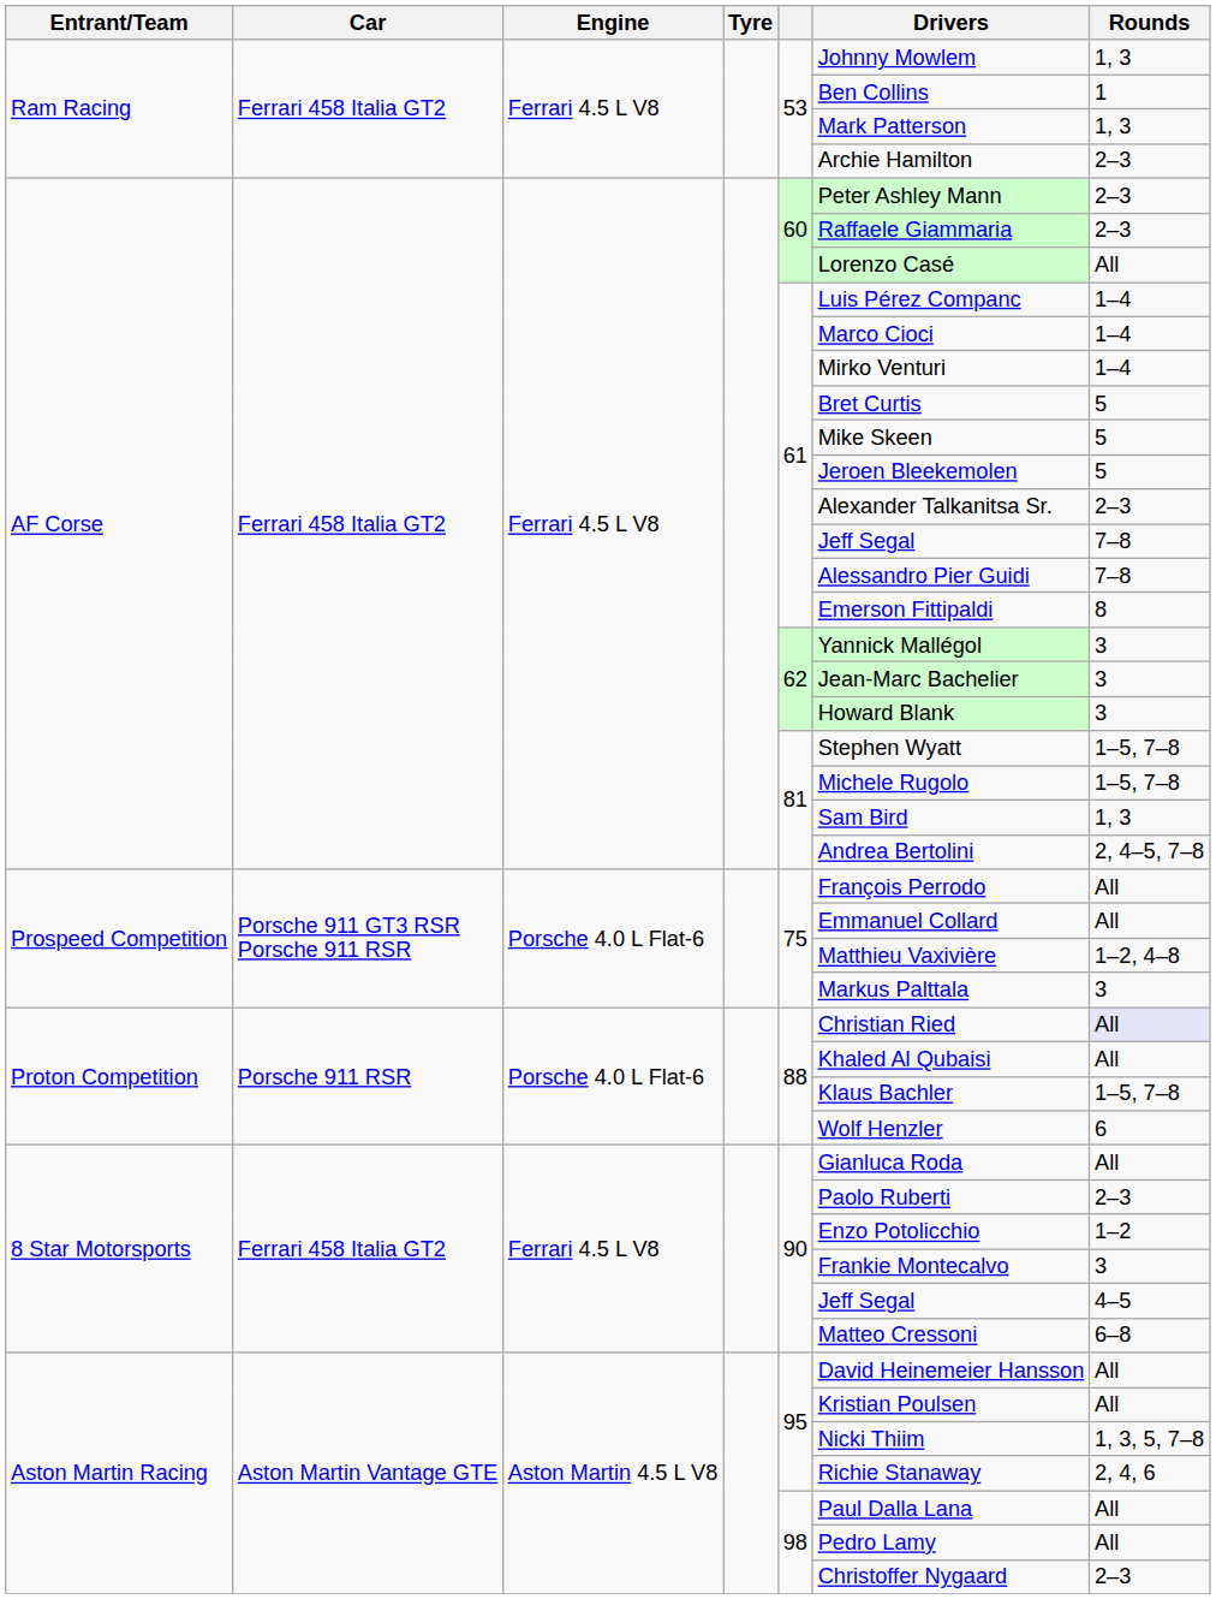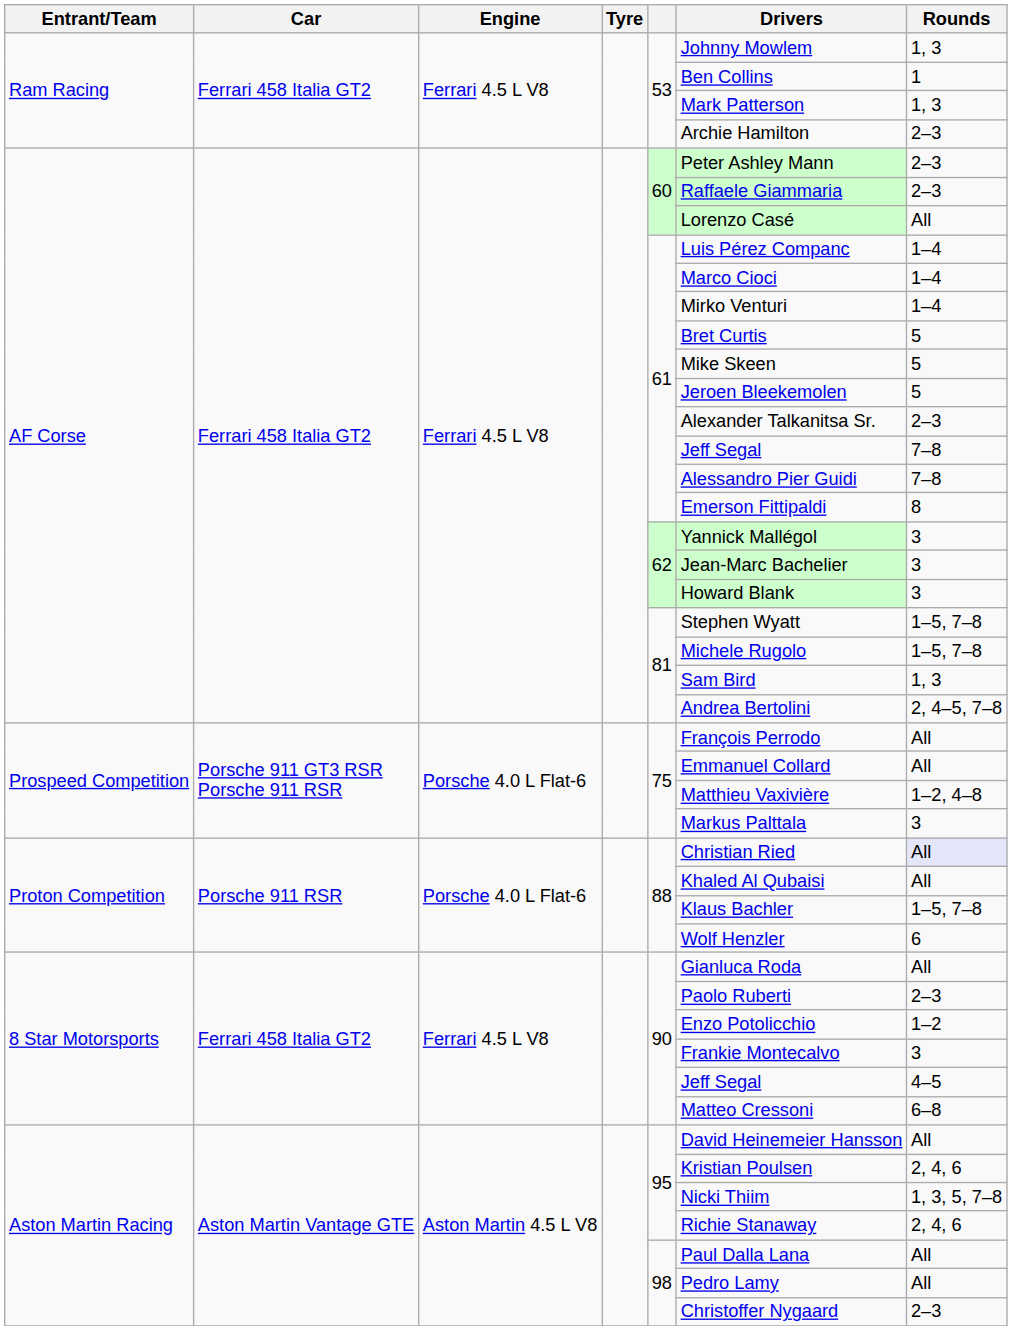 <table class="wikitable" style="font-size: 85%">
 <tr>
 <th>Entrant/Team</th>
 <th>Car</th>
 <th>Engine</th>
 <th>Tyre</th>
 <th></th>
 <th>Drivers</th>
 <th>Rounds</th>
 </tr>
 <tr>
 <td rowspan=4> <a href='#'>Ram Racing</a></td>
 <td rowspan=4><a href='#'>Ferrari 458 Italia GT2</a></td>
 <td rowspan=4><a href='#'>Ferrari</a> 4.5 L V8</td>
 <td rowspan=4></td>
 <td rowspan=4>53</td>
 <td> <a href='#'>Johnny Mowlem</a></td>
 <td>1, 3</td>
 </tr>
 <tr>
 <td> <a href='#'>Ben Collins</a></td>
 <td>1</td>
 </tr>
 <tr>
 <td> <a href='#'>Mark Patterson</a></td>
 <td>1, 3</td>
 </tr>
 <tr>
 <td> Archie Hamilton</td>
 <td>2–3</td>
 </tr>
 <tr>
 <td rowspan=20> <a href='#'>AF Corse</a></td>
 <td rowspan=20><a href='#'>Ferrari 458 Italia GT2</a></td>
 <td rowspan=20><a href='#'>Ferrari</a> 4.5 L V8</td>
 <td rowspan=20></td>
 <td rowspan=3 style="background:#ccffcc;">60</td>
 <td style="background:#ccffcc;"> Peter Ashley Mann</td>
 <td>2–3</td>
 </tr>
 <tr>
 <td style="background:#ccffcc;"> <a href='#'>Raffaele Giammaria</a></td>
 <td>2–3</td>
 </tr>
 <tr>
 <td style="background:#ccffcc;"> Lorenzo Casé</td>
 <td>All</td>
 </tr>
 <tr>
 <td rowspan=10>61</td>
 <td> <a href='#'>Luis Pérez Companc</a></td>
 <td>1–4</td>
 </tr>
 <tr>
 <td> <a href='#'>Marco Cioci</a></td>
 <td>1–4</td>
 </tr>
 <tr>
 <td> Mirko Venturi</td>
 <td>1–4</td>
 </tr>
 <tr>
 <td> <a href='#'>Bret Curtis</a></td>
 <td>5</td>
 </tr>
 <tr>
 <td> Mike Skeen</td>
 <td>5</td>
 </tr>
 <tr>
 <td> <a href='#'>Jeroen Bleekemolen</a></td>
 <td>5</td>
 </tr>
 <tr>
 <td> Alexander Talkanitsa Sr.</td>
 <td>2–3</td>
 </tr>
 <tr>
 <td> <a href='#'>Jeff Segal</a></td>
 <td>7–8</td>
 </tr>
 <tr>
 <td> <a href='#'>Alessandro Pier Guidi</a></td>
 <td>7–8</td>
 </tr>
 <tr>
 <td> <a href='#'>Emerson Fittipaldi</a></td>
 <td>8</td>
 </tr>
 <tr>
 <td rowspan=3 style="background:#ccffcc;">62</td>
 <td style="background:#ccffcc;"> Yannick Mallégol</td>
 <td>3</td>
 </tr>
 <tr>
 <td style="background:#ccffcc;"> Jean-Marc Bachelier</td>
 <td>3</td>
 </tr>
 <tr>
 <td style="background:#ccffcc;"> Howard Blank</td>
 <td>3</td>
 </tr>
 <tr>
 <td rowspan=4>81</td>
 <td> Stephen Wyatt</td>
 <td>1–5, 7–8</td>
 </tr>
 <tr>
 <td> <a href='#'>Michele Rugolo</a></td>
 <td>1–5, 7–8</td>
 </tr>
 <tr>
 <td> <a href='#'>Sam Bird</a></td>
 <td>1, 3</td>
 </tr>
 <tr>
 <td> <a href='#'>Andrea Bertolini</a></td>
 <td>2, 4–5, 7–8</td>
 </tr>
 <tr>
 <td rowspan=4> <a href='#'>Prospeed Competition</a></td>
 <td rowspan=4><a href='#'>Porsche 911 GT3 RSR</a><br><a href='#'>Porsche 911 RSR</a></td>
 <td rowspan=4><a href='#'>Porsche</a> 4.0 L Flat-6</td>
 <td rowspan=4></td>
 <td rowspan=4>75</td>
 <td> <a href='#'>François Perrodo</a></td>
 <td>All</td>
 </tr>
 <tr>
 <td> <a href='#'>Emmanuel Collard</a></td>
 <td>All</td>
 </tr>
 <tr>
 <td> <a href='#'>Matthieu Vaxivière</a></td>
 <td>1–2, 4–8</td>
 </tr>
 <tr>
 <td> <a href='#'>Markus Palttala</a></td>
 <td>3</td>
 </tr>
 <tr>
 <td rowspan=4> <a href='#'>Proton Competition</a></td>
 <td rowspan=4><a href='#'>Porsche 911 RSR</a></td>
 <td rowspan=4><a href='#'>Porsche</a> 4.0 L Flat-6</td>
 <td rowspan=4></td>
 <td rowspan=4>88</td>
 <td> <a href='#'>Christian Ried</a></td>
 <td style="background: lavender;">All</td>
 </tr>
 <tr>
 <td> <a href='#'>Khaled Al Qubaisi</a></td>
 <td>All</td>
 </tr>
 <tr>
 <td> <a href='#'>Klaus Bachler</a></td>
 <td>1–5, 7–8</td>
 </tr>
 <tr>
 <td> <a href='#'>Wolf Henzler</a></td>
 <td>6</td>
 </tr>
 <tr>
 <td rowspan=6> <a href='#'>8 Star Motorsports</a></td>
 <td rowspan=6><a href='#'>Ferrari 458 Italia GT2</a></td>
 <td rowspan=6><a href='#'>Ferrari</a> 4.5 L V8</td>
 <td rowspan=6></td>
 <td rowspan=6>90</td>
 <td> <a href='#'>Gianluca Roda</a></td>
 <td>All</td>
 </tr>
 <tr>
 <td> <a href='#'>Paolo Ruberti</a></td>
 <td>2–3</td>
 </tr>
 <tr>
 <td> <a href='#'>Enzo Potolicchio</a></td>
 <td>1–2</td>
 </tr>
 <tr>
 <td> <a href='#'>Frankie Montecalvo</a></td>
 <td>3</td>
 </tr>
 <tr>
 <td> <a href='#'>Jeff Segal</a></td>
 <td>4–5</td>
 </tr>
 <tr>
 <td> <a href='#'>Matteo Cressoni</a></td>
 <td>6–8</td>
 </tr>
 <tr>
 <td rowspan=7> <a href='#'>Aston Martin Racing</a></td>
 <td rowspan=7><a href='#'>Aston Martin Vantage GTE</a></td>
 <td rowspan=7><a href='#'>Aston Martin</a> 4.5 L V8</td>
 <td rowspan=7></td>
 <td rowspan=4>95</td>
 <td> <a href='#'>David Heinemeier Hansson</a></td>
 <td>All</td>
 </tr>
 <tr>
 <td> <a href='#'>Kristian Poulsen</a></td>
-<td>All</td>
+<td>2, 4, 6</td>
 </tr>
 <tr>
 <td> <a href='#'>Nicki Thiim</a></td>
 <td>1, 3, 5, 7–8</td>
 </tr>
 <tr>
 <td> <a href='#'>Richie Stanaway</a></td>
 <td>2, 4, 6</td>
 </tr>
 <tr>
 <td rowspan=3>98</td>
 <td> <a href='#'>Paul Dalla Lana</a></td>
 <td>All</td>
 </tr>
 <tr>
 <td> <a href='#'>Pedro Lamy</a></td>
 <td>All</td>
 </tr>
 <tr>
 <td> <a href='#'>Christoffer Nygaard</a></td>
 <td>2–3</td>
 </tr>
 </table>
